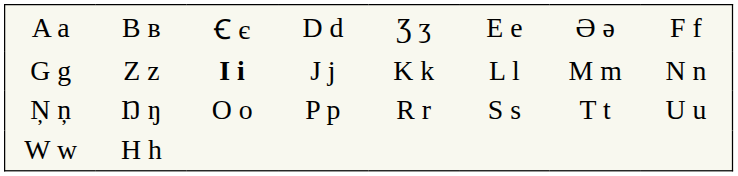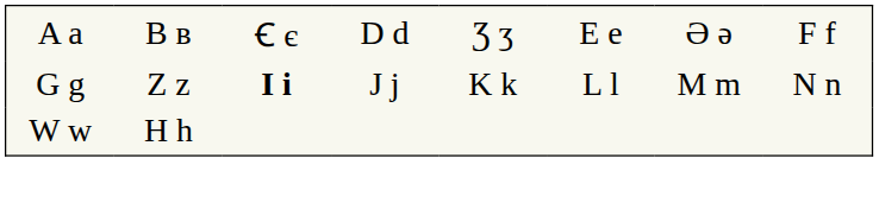 <table style="font-family:Arial Unicode MS; font-size:1.4em; border-color:#000000; border-width:1px; border-style:solid; border-collapse:collapse; background-color:#F8F8EF">
 <tr>
 <td style="width:3em; text-align:center; padding: 3px;">A a</td>
 <td style="width:3em; text-align:center; padding: 3px;">B в</td>
 <td style="width:3em; text-align:center; padding: 3px;">Ꞓ є</td>
 <td style="width:3em; text-align:center; padding: 3px;">D d</td>
 <td style="width:3em; text-align:center; padding: 3px;">Ʒ ʒ</td>
 <td style="width:3em; text-align:center; padding: 3px;">E e</td>
 <td style="width:3em; text-align:center; padding: 3px;">Ə ə</td>
 <td style="width:3em; text-align:center; padding: 3px;">F f</td>
 </tr>
 <tr>
 <td style="width:3em; text-align:center; padding: 3px;">G g</td>
 <td style="width:3em; text-align:center; padding: 3px;">Z z</td>
 <td style="width:3em; text-align:center; padding: 3px;"><strong>I i</strong></td>
 <td style="width:3em; text-align:center; padding: 3px;">J j</td>
 <td style="width:3em; text-align:center; padding: 3px;">K k</td>
 <td style="width:3em; text-align:center; padding: 3px;">L l</td>
 <td style="width:3em; text-align:center; padding: 3px;">M m</td>
 <td style="width:3em; text-align:center; padding: 3px;">N n</td>
 </tr>
 <tr>
-<td style="width:3em; text-align:center; padding: 3px;">Ņ ņ</td>
-<td style="width:3em; text-align:center; padding: 3px;">Ŋ ŋ</td>
-<td style="width:3em; text-align:center; padding: 3px;">O o</td>
-<td style="width:3em; text-align:center; padding: 3px;">P p</td>
-<td style="width:3em; text-align:center; padding: 3px;">R r</td>
-<td style="width:3em; text-align:center; padding: 3px;">S s</td>
-<td style="width:3em; text-align:center; padding: 3px;">T t</td>
-<td style="width:3em; text-align:center; padding: 3px;">U u</td>
-</tr>
-<tr>
 <td style="width:3em; text-align:center; padding: 3px;">W w</td>
 <td style="width:3em; text-align:center; padding: 3px;">H h</td>
 <td></td>
 <td></td>
 <td></td>
 <td></td>
 <td></td>
 <td></td>
 </tr>
 </table>
